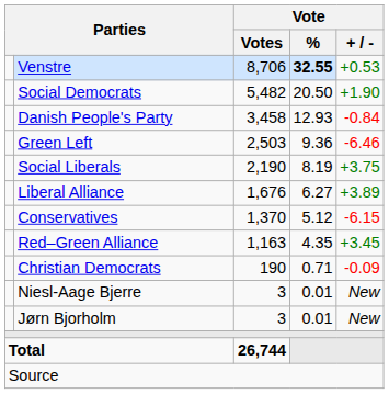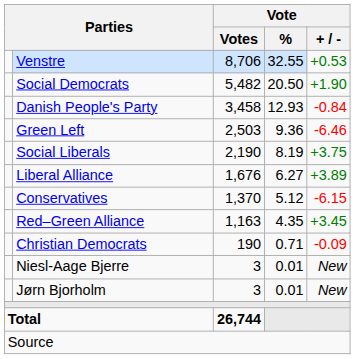 <table class="wikitable" style="text-align:right;">
 <tr>
 <th style="text-align:centre;" rowspan="2" colspan="2" width="225">Parties</th>
 <th colspan="3">Vote</th>
 </tr>
 <tr>
 <th width="15">Votes</th>
 <th width="15">%</th>
 <th width="15">+ / -</th>
 </tr>
 <tr>
 <td width="2" style="color:inherit;background:"></td>
 <td bgcolor=#cfe5fe  align="left"><a href='#'>Venstre</a></td>
 <td bgcolor=#cfe5fe>8,706</td>
-<td bgcolor=#cfe5fe><strong>32.55</strong></td>
+<td bgcolor=#cfe5fe>32.55</td>
 <td style=color:green;>+0.53</td>
 </tr>
 <tr>
 <td width="2" style="color:inherit;background:"></td>
 <td align="left"><a href='#'>Social Democrats</a></td>
 <td>5,482</td>
 <td>20.50</td>
 <td style=color:green;>+1.90</td>
 </tr>
 <tr>
 <td width="2" style="color:inherit;background:"></td>
 <td align="left"><a href='#'>Danish People's Party</a></td>
 <td>3,458</td>
 <td>12.93</td>
 <td style=color:red;>-0.84</td>
 </tr>
 <tr>
 <td width="2" style="color:inherit;background:"></td>
 <td align="left"><a href='#'>Green Left</a></td>
 <td>2,503</td>
 <td>9.36</td>
 <td style=color:red;>-6.46</td>
 </tr>
 <tr>
 <td width="2" style="color:inherit;background:"></td>
 <td align="left"><a href='#'>Social Liberals</a></td>
 <td>2,190</td>
 <td>8.19</td>
 <td style=color:green;>+3.75</td>
 </tr>
 <tr>
 <td width="2" style="color:inherit;background:"></td>
 <td align="left"><a href='#'>Liberal Alliance</a></td>
 <td>1,676</td>
 <td>6.27</td>
 <td style=color:green;>+3.89</td>
 </tr>
 <tr>
 <td width="2" style="color:inherit;background:"></td>
 <td align="left"><a href='#'>Conservatives</a></td>
 <td>1,370</td>
 <td>5.12</td>
 <td style=color:red;>-6.15</td>
 </tr>
 <tr>
 <td width="2" style="color:inherit;background:"></td>
 <td align="left"><a href='#'>Red–Green Alliance</a></td>
 <td>1,163</td>
 <td>4.35</td>
 <td style=color:green;>+3.45</td>
 </tr>
 <tr>
 <td width="2" style="color:inherit;background:"></td>
 <td align="left"><a href='#'>Christian Democrats</a></td>
 <td>190</td>
 <td>0.71</td>
 <td style=color:red;>-0.09</td>
 </tr>
 <tr>
 <td width="2" style="color:inherit;background:"></td>
 <td align="left">Niesl-Aage Bjerre</td>
 <td>3</td>
 <td>0.01</td>
 <td><em>New</em></td>
 </tr>
 <tr>
 <td width="2" style="color:inherit;background:"></td>
 <td align="left">Jørn Bjorholm</td>
 <td>3</td>
 <td>0.01</td>
 <td><em>New</em></td>
 </tr>
 <tr>
 <td colspan="7" bgcolor="#E9E9E9"></td>
 </tr>
 <tr>
 <td align="left" colspan="2"><strong>Total</strong></td>
 <td><strong>26,744</strong></td>
 <td bgcolor="#E9E9E9" colspan="2"></td>
 </tr>
 <tr>
 <td align="left" colspan="6">Source</td>
 </tr>
 </table>
